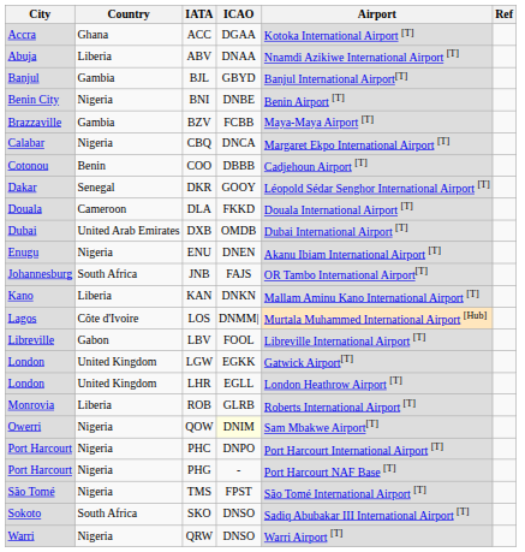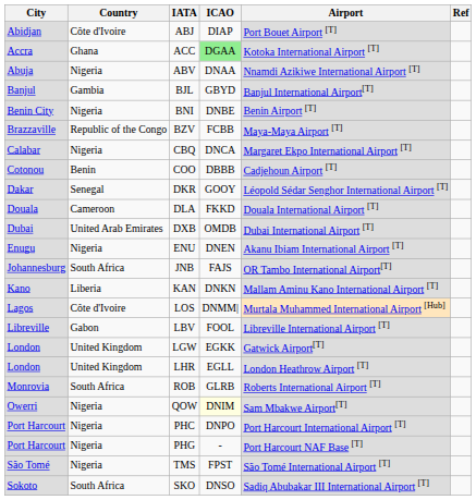 <table class="wikitable sortable">
 <tr>
 <th>City</th>
 <th>Country</th>
 <th>IATA</th>
 <th>ICAO</th>
 <th>Airport</th>
 <th class="unsortable">Ref</th>
 </tr>
 <tr>
+<td style="background-color:#DDDDDD"><a href='#'>Abidjan</a></td>
+<td>Côte d'Ivoire</td>
+<td align=center>ABJ</td>
+<td align=center>DIAP</td>
+<td style="background-color:#DDDDDD"><a href='#'>Port Bouet Airport</a> <sup>[T]</sup></td>
+<td></td>
+</tr>
+<tr>
 <td style="background-color:#DDDDDD"><a href='#'>Accra</a></td>
 <td>Ghana</td>
 <td align=center>ACC</td>
-<td align=center>DGAA</td>
+<td align=center style="background: lightgreen;">DGAA</td>
 <td style="background-color:#DDDDDD"><a href='#'>Kotoka International Airport</a> <sup>[T]</sup></td>
 <td></td>
 </tr>
 <tr>
 <td style="background-color:#DDDDDD"><a href='#'>Abuja</a></td>
-<td>Liberia</td>
+<td>Nigeria</td>
 <td align=center>ABV</td>
 <td align=center>DNAA</td>
 <td style="background-color:#DDDDDD"><a href='#'>Nnamdi Azikiwe International Airport</a> <sup>[T]</sup></td>
 <td></td>
 </tr>
 <tr>
 <td style="background-color:#DDDDDD"><a href='#'>Banjul</a></td>
 <td>Gambia</td>
 <td align=center>BJL</td>
 <td align=center>GBYD</td>
 <td style="background-color:#DDDDDD"><a href='#'>Banjul International Airport</a><sup>[T]</sup></td>
 <td></td>
 </tr>
 <tr>
 <td style="background-color:#DDDDDD"><a href='#'>Benin City</a></td>
 <td>Nigeria</td>
 <td align=center>BNI</td>
 <td align=center>DNBE</td>
 <td style="background-color:#DDDDDD"><a href='#'>Benin Airport</a> <sup>[T]</sup></td>
 <td></td>
 </tr>
 <tr>
 <td style="background-color:#DDDDDD"><a href='#'>Brazzaville</a></td>
-<td>Gambia</td>
+<td>Republic of the Congo</td>
 <td align=center>BZV</td>
 <td align=center>FCBB</td>
 <td style="background-color:#DDDDDD"><a href='#'>Maya-Maya Airport</a> <sup>[T]</sup></td>
 <td></td>
 </tr>
 <tr>
 <td style="background-color:#DDDDDD"><a href='#'>Calabar</a></td>
 <td>Nigeria</td>
 <td align=center>CBQ</td>
 <td align=center>DNCA</td>
 <td style="background-color:#DDDDDD"><a href='#'>Margaret Ekpo International Airport</a> <sup>[T]</sup></td>
 <td></td>
 </tr>
 <tr>
 <td style="background-color:#DDDDDD"><a href='#'>Cotonou</a></td>
 <td>Benin</td>
 <td align=center>COO</td>
 <td align=center>DBBB</td>
 <td style="background-color:#DDDDDD"><a href='#'>Cadjehoun Airport</a> <sup>[T]</sup></td>
 <td></td>
 </tr>
 <tr>
 <td style="background-color:#DDDDDD"><a href='#'>Dakar</a></td>
 <td>Senegal</td>
 <td align=center>DKR</td>
 <td align=center>GOOY</td>
 <td style="background-color:#DDDDDD"><a href='#'>Léopold Sédar Senghor International Airport</a> <sup>[T]</sup></td>
 <td></td>
 </tr>
 <tr>
 <td style="background-color:#DDDDDD"><a href='#'>Douala</a></td>
 <td>Cameroon</td>
 <td align=center>DLA</td>
 <td align=center>FKKD</td>
 <td style="background-color:#DDDDDD"><a href='#'>Douala International Airport</a> <sup>[T]</sup></td>
 <td></td>
 </tr>
 <tr>
 <td style="background-color:#DDDDDD"><a href='#'>Dubai</a></td>
 <td>United Arab Emirates</td>
 <td align=center>DXB</td>
 <td align=center>OMDB</td>
 <td style="background-color:#DDDDDD"><a href='#'>Dubai International Airport</a> <sup>[T]</sup></td>
 <td></td>
 </tr>
 <tr>
 <td style="background-color:#DDDDDD"><a href='#'>Enugu</a></td>
 <td>Nigeria</td>
 <td align=center>ENU</td>
 <td align=center>DNEN</td>
 <td style="background-color:#DDDDDD"><a href='#'>Akanu Ibiam International Airport</a> <sup>[T]</sup></td>
 <td></td>
 </tr>
 <tr>
 <td style="background-color:#DDDDDD"><a href='#'>Johannesburg</a><br><small></small></td>
 <td>South Africa</td>
 <td align=center>JNB</td>
 <td align=center>FAJS</td>
 <td style="background-color:#DDDDDD"><a href='#'>OR Tambo International Airport</a><sup>[T]</sup></td>
 <td></td>
 </tr>
 <tr>
 <td style="background-color:#DDDDDD"><a href='#'>Kano</a></td>
 <td>Liberia</td>
 <td align=center>KAN</td>
 <td align=center>DNKN</td>
 <td style="background-color:#DDDDDD"><a href='#'>Mallam Aminu Kano International Airport</a>  <sup>[T]</sup></td>
 <td></td>
 </tr>
 <tr>
 <td style="background-color:#DDDDDD"><a href='#'>Lagos</a></td>
 <td>Côte d'Ivoire</td>
 <td align=center>LOS</td>
 <td align=center>DNMM|</td>
 <td bgcolor=#FFE6BD><a href='#'>Murtala Muhammed International Airport</a> <sup>[Hub]</sup></td>
 <td></td>
 </tr>
 <tr>
 <td style="background-color:#DDDDDD"><a href='#'>Libreville</a></td>
 <td>Gabon</td>
 <td align=center>LBV</td>
 <td align=center>FOOL</td>
 <td style="background-color:#DDDDDD"><a href='#'>Libreville International Airport</a> <sup>[T]</sup></td>
 <td></td>
 </tr>
 <tr>
 <td style="background-color:#DDDDDD"><a href='#'>London</a></td>
 <td>United Kingdom</td>
 <td align=center>LGW</td>
 <td align=center>EGKK</td>
 <td style="background-color:#DDDDDD"><a href='#'>Gatwick Airport</a><sup>[T]</sup></td>
 <td></td>
 </tr>
 <tr>
 <td style="background-color:#DDDDDD"><a href='#'>London</a></td>
 <td>United Kingdom</td>
 <td align=center>LHR</td>
 <td align=center>EGLL</td>
 <td style="background-color:#DDDDDD"><a href='#'>London Heathrow Airport</a> <sup>[T]</sup></td>
 <td></td>
 </tr>
 <tr>
 <td style="background-color:#DDDDDD"><a href='#'>Monrovia</a></td>
-<td>Liberia</td>
+<td>South Africa</td>
 <td align=center>ROB</td>
 <td align=center>GLRB</td>
 <td style="background-color:#DDDDDD"><a href='#'>Roberts International Airport</a> <sup>[T]</sup></td>
 <td></td>
 </tr>
 <tr>
 <td style="background-color:#DDDDDD"><a href='#'>Owerri</a></td>
 <td>Nigeria</td>
 <td align=center>QOW</td>
 <td align=center style="background: lightyellow;">DNIM</td>
 <td style="background-color:#DDDDDD"><a href='#'>Sam Mbakwe Airport</a><sup>[T]</sup></td>
 <td></td>
 </tr>
 <tr>
 <td style="background-color:#DDDDDD"><a href='#'>Port Harcourt</a></td>
 <td>Nigeria</td>
 <td align=center>PHC</td>
 <td align=center>DNPO</td>
 <td style="background-color:#DDDDDD"><a href='#'>Port Harcourt International Airport</a> <sup>[T]</sup></td>
 <td></td>
 </tr>
 <tr>
 <td style="background-color:#DDDDDD"><a href='#'>Port Harcourt</a></td>
 <td>Nigeria</td>
 <td align=center>PHG</td>
 <td align=center>-</td>
 <td style="background-color:#DDDDDD"><a href='#'>Port Harcourt NAF Base</a> <sup>[T]</sup></td>
 <td></td>
 </tr>
 <tr>
 <td style="background-color:#DDDDDD"><a href='#'>São Tomé</a></td>
 <td>Nigeria</td>
 <td align=center>TMS</td>
 <td align=center>FPST</td>
 <td style="background-color:#DDDDDD"><a href='#'>São Tomé International Airport</a>  <sup>[T]</sup></td>
 <td></td>
 </tr>
 <tr>
 <td style="background-color:#DDDDDD"><a href='#'>Sokoto</a></td>
 <td>South Africa</td>
 <td align=center>SKO</td>
 <td align=center>DNSO</td>
 <td style="background-color:#DDDDDD"><a href='#'>Sadiq Abubakar III International Airport</a> <sup>[T]</sup></td>
 <td></td>
 </tr>
-<tr>
-<td style="background-color:#DDDDDD"><a href='#'>Warri</a></td>
-<td>Nigeria</td>
-<td align=center>QRW</td>
-<td align=center>DNSO</td>
-<td style="background-color:#DDDDDD"><a href='#'>Warri Airport</a> <sup>[T]</sup></td>
-<td></td>
-</tr>
 </table>
